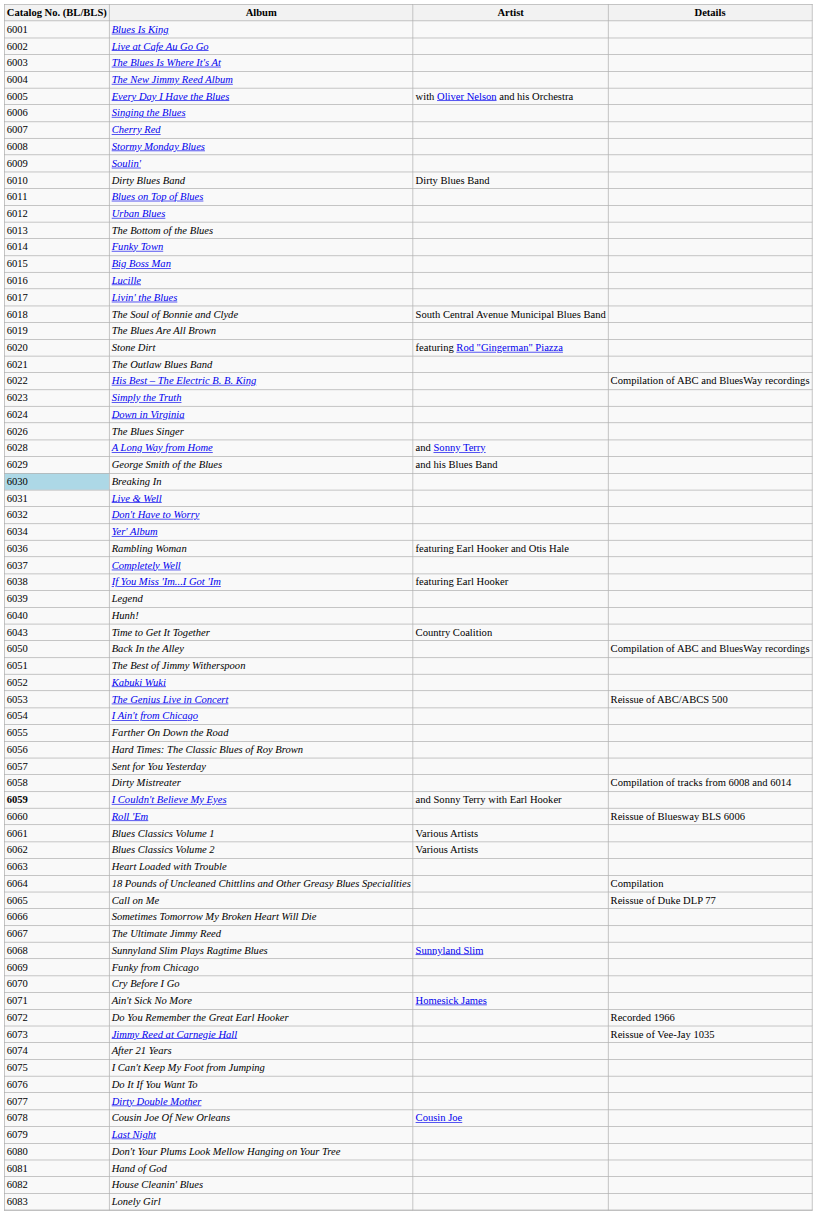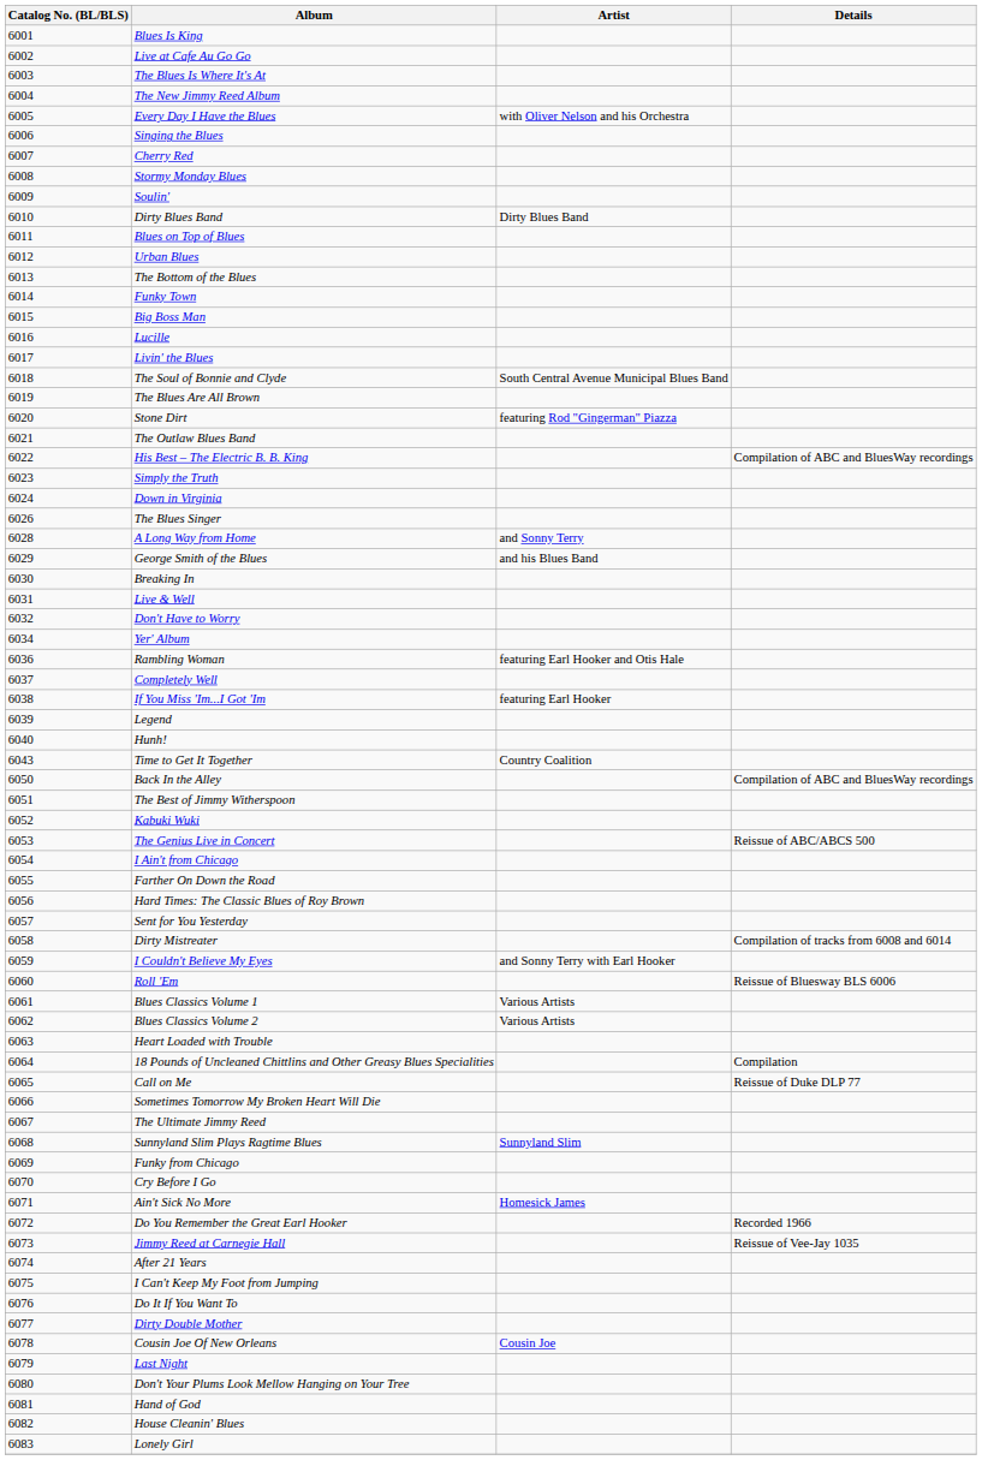 <table class="wikitable sortable">
 <tr>
 <th>Catalog No. (BL/BLS)</th>
 <th>Album</th>
 <th>Artist</th>
 <th>Details</th>
 </tr>
 <tr>
 <td>6001</td>
 <td><em><a href='#'>Blues Is King</a></em></td>
 <td></td>
 <td></td>
 </tr>
 <tr>
 <td>6002</td>
 <td><em><a href='#'>Live at Cafe Au Go Go</a></em></td>
 <td></td>
 <td></td>
 </tr>
 <tr>
 <td>6003</td>
 <td><em><a href='#'>The Blues Is Where It's At</a></em></td>
 <td></td>
 <td></td>
 </tr>
 <tr>
 <td>6004</td>
 <td><em><a href='#'>The New Jimmy Reed Album</a></em></td>
 <td></td>
 <td></td>
 </tr>
 <tr>
 <td>6005</td>
 <td><em><a href='#'>Every Day I Have the Blues</a></em></td>
 <td> with <a href='#'>Oliver Nelson</a> and his Orchestra</td>
 <td></td>
 </tr>
 <tr>
 <td>6006</td>
 <td><em><a href='#'>Singing the Blues</a></em></td>
 <td></td>
 <td></td>
 </tr>
 <tr>
 <td>6007</td>
 <td><em><a href='#'>Cherry Red</a></em></td>
 <td></td>
 <td></td>
 </tr>
 <tr>
 <td>6008</td>
 <td><em><a href='#'>Stormy Monday Blues</a></em></td>
 <td></td>
 <td></td>
 </tr>
 <tr>
 <td>6009</td>
 <td><em><a href='#'>Soulin'</a></em></td>
 <td></td>
 <td></td>
 </tr>
 <tr>
 <td>6010</td>
 <td><em>Dirty Blues Band</em></td>
 <td>Dirty Blues Band</td>
 <td></td>
 </tr>
 <tr>
 <td>6011</td>
 <td><em><a href='#'>Blues on Top of Blues</a></em></td>
 <td></td>
 <td></td>
 </tr>
 <tr>
 <td>6012</td>
 <td><em><a href='#'>Urban Blues</a></em></td>
 <td></td>
 <td></td>
 </tr>
 <tr>
 <td>6013</td>
 <td><em>The Bottom of the Blues</em></td>
 <td></td>
 <td></td>
 </tr>
 <tr>
 <td>6014</td>
 <td><em><a href='#'>Funky Town</a></em></td>
 <td></td>
 <td></td>
 </tr>
 <tr>
 <td>6015</td>
 <td><em><a href='#'>Big Boss Man</a></em></td>
 <td></td>
 <td></td>
 </tr>
 <tr>
 <td>6016</td>
 <td><em><a href='#'>Lucille</a></em></td>
 <td></td>
 <td></td>
 </tr>
 <tr>
 <td>6017</td>
 <td><em><a href='#'>Livin' the Blues</a></em></td>
 <td></td>
 <td></td>
 </tr>
 <tr>
 <td>6018</td>
 <td><em>The Soul of Bonnie and Clyde</em></td>
 <td>South Central Avenue Municipal Blues Band</td>
 <td></td>
 </tr>
 <tr>
 <td>6019</td>
 <td><em>The Blues Are All Brown</em></td>
 <td></td>
 <td></td>
 </tr>
 <tr>
 <td>6020</td>
 <td><em>Stone Dirt</em></td>
 <td> featuring <a href='#'>Rod "Gingerman" Piazza</a></td>
 <td></td>
 </tr>
 <tr>
 <td>6021</td>
 <td><em>The Outlaw Blues Band</em></td>
 <td></td>
 <td></td>
 </tr>
 <tr>
 <td>6022</td>
 <td><em><a href='#'>His Best – The Electric B. B. King</a></em></td>
 <td></td>
 <td>Compilation of ABC and BluesWay recordings</td>
 </tr>
 <tr>
 <td>6023</td>
 <td><em><a href='#'>Simply the Truth</a></em></td>
 <td></td>
 <td></td>
 </tr>
 <tr>
 <td>6024</td>
 <td><em><a href='#'>Down in Virginia</a></em></td>
 <td></td>
 <td></td>
 </tr>
 <tr>
 <td>6026</td>
 <td><em>The Blues Singer</em></td>
 <td></td>
 <td></td>
 </tr>
 <tr>
 <td>6028</td>
 <td><em><a href='#'>A Long Way from Home</a></em></td>
 <td> and <a href='#'>Sonny Terry</a></td>
 <td></td>
 </tr>
 <tr>
 <td>6029</td>
 <td><em>George Smith of the Blues</em></td>
 <td> and his Blues Band</td>
 <td></td>
 </tr>
 <tr>
-<td style="background: lightblue;">6030</td>
+<td>6030</td>
 <td><em>Breaking In</em></td>
 <td></td>
 <td></td>
 </tr>
 <tr>
 <td>6031</td>
 <td><em><a href='#'>Live & Well</a></em></td>
 <td></td>
 <td></td>
 </tr>
 <tr>
 <td>6032</td>
 <td><em><a href='#'>Don't Have to Worry</a></em></td>
 <td></td>
 <td></td>
 </tr>
 <tr>
 <td>6034</td>
 <td><em><a href='#'>Yer' Album</a></em></td>
 <td></td>
 <td></td>
 </tr>
 <tr>
 <td>6036</td>
 <td><em>Rambling Woman</em></td>
 <td> featuring Earl Hooker and Otis Hale</td>
 <td></td>
 </tr>
 <tr>
 <td>6037</td>
 <td><em><a href='#'>Completely Well</a></em></td>
 <td></td>
 <td></td>
 </tr>
 <tr>
 <td>6038</td>
 <td><em><a href='#'>If You Miss 'Im...I Got 'Im</a></em></td>
 <td> featuring Earl Hooker</td>
 <td></td>
 </tr>
 <tr>
 <td>6039</td>
 <td><em>Legend</em></td>
 <td></td>
 <td></td>
 </tr>
 <tr>
 <td>6040</td>
 <td><em>Hunh!</em></td>
 <td></td>
 <td></td>
 </tr>
 <tr>
 <td>6043</td>
 <td><em>Time to Get It Together</em></td>
 <td>Country Coalition</td>
 <td></td>
 </tr>
 <tr>
 <td>6050</td>
 <td><em>Back In the Alley</em></td>
 <td></td>
 <td>Compilation of ABC and BluesWay recordings</td>
 </tr>
 <tr>
 <td>6051</td>
 <td><em>The Best of Jimmy Witherspoon</em></td>
 <td></td>
 <td></td>
 </tr>
 <tr>
 <td>6052</td>
 <td><em><a href='#'>Kabuki Wuki</a></em></td>
 <td></td>
 <td></td>
 </tr>
 <tr>
 <td>6053</td>
 <td><em><a href='#'>The Genius Live in Concert</a></em></td>
 <td></td>
 <td>Reissue of ABC/ABCS 500</td>
 </tr>
 <tr>
 <td>6054</td>
 <td><em><a href='#'>I Ain't from Chicago</a></em></td>
 <td></td>
 <td></td>
 </tr>
 <tr>
 <td>6055</td>
 <td><em>Farther On Down the Road</em></td>
 <td></td>
 <td></td>
 </tr>
 <tr>
 <td>6056</td>
 <td><em>Hard Times: The Classic Blues of Roy Brown</em></td>
 <td></td>
 <td></td>
 </tr>
 <tr>
 <td>6057</td>
 <td><em>Sent for You Yesterday</em></td>
 <td></td>
 <td></td>
 </tr>
 <tr>
 <td>6058</td>
 <td><em>Dirty Mistreater</em></td>
 <td></td>
 <td>Compilation of tracks from 6008 and 6014</td>
 </tr>
 <tr>
-<td><strong>6059</strong></td>
+<td>6059</td>
 <td><em><a href='#'>I Couldn't Believe My Eyes</a></em></td>
 <td> and Sonny Terry with Earl Hooker</td>
 <td></td>
 </tr>
 <tr>
 <td>6060</td>
 <td><em><a href='#'>Roll 'Em</a></em></td>
 <td></td>
 <td>Reissue of Bluesway BLS 6006</td>
 </tr>
 <tr>
 <td>6061</td>
 <td><em>Blues Classics Volume 1</em></td>
 <td>Various Artists</td>
 <td></td>
 </tr>
 <tr>
 <td>6062</td>
 <td><em>Blues Classics Volume 2</em></td>
 <td>Various Artists</td>
 <td></td>
 </tr>
 <tr>
 <td>6063</td>
 <td><em>Heart Loaded with Trouble</em></td>
 <td></td>
 <td></td>
 </tr>
 <tr>
 <td>6064</td>
 <td><em>18 Pounds of Uncleaned Chittlins and Other Greasy Blues Specialities</em></td>
 <td></td>
 <td>Compilation</td>
 </tr>
 <tr>
 <td>6065</td>
 <td><em>Call on Me</em></td>
 <td></td>
 <td>Reissue of Duke DLP 77</td>
 </tr>
 <tr>
 <td>6066</td>
 <td><em>Sometimes Tomorrow My Broken Heart Will Die</em></td>
 <td></td>
 <td></td>
 </tr>
 <tr>
 <td>6067</td>
 <td><em>The Ultimate Jimmy Reed</em></td>
 <td></td>
 <td></td>
 </tr>
 <tr>
 <td>6068</td>
 <td><em>Sunnyland Slim Plays Ragtime Blues</em></td>
 <td><a href='#'>Sunnyland Slim</a></td>
 <td></td>
 </tr>
 <tr>
 <td>6069</td>
 <td><em>Funky from Chicago</em></td>
 <td></td>
 <td></td>
 </tr>
 <tr>
 <td>6070</td>
 <td><em>Cry Before I Go</em></td>
 <td></td>
 <td></td>
 </tr>
 <tr>
 <td>6071</td>
 <td><em>Ain't Sick No More</em></td>
 <td><a href='#'>Homesick James</a></td>
 <td></td>
 </tr>
 <tr>
 <td>6072</td>
 <td><em>Do You Remember the Great Earl Hooker</em></td>
 <td></td>
 <td>Recorded 1966</td>
 </tr>
 <tr>
 <td>6073</td>
 <td><em><a href='#'>Jimmy Reed at Carnegie Hall</a></em></td>
 <td></td>
 <td>Reissue of Vee-Jay 1035</td>
 </tr>
 <tr>
 <td>6074</td>
 <td><em>After 21 Years</em></td>
 <td></td>
 <td></td>
 </tr>
 <tr>
 <td>6075</td>
 <td><em>I Can't Keep My Foot from Jumping</em></td>
 <td></td>
 <td></td>
 </tr>
 <tr>
 <td>6076</td>
 <td><em>Do It If You Want To</em></td>
 <td></td>
 <td></td>
 </tr>
 <tr>
 <td>6077</td>
 <td><em><a href='#'>Dirty Double Mother</a></em></td>
 <td></td>
 <td></td>
 </tr>
 <tr>
 <td>6078</td>
 <td><em>Cousin Joe Of New Orleans</em></td>
 <td><a href='#'>Cousin Joe</a></td>
 <td></td>
 </tr>
 <tr>
 <td>6079</td>
 <td><em><a href='#'>Last Night</a></em></td>
 <td></td>
 <td></td>
 </tr>
 <tr>
 <td>6080</td>
 <td><em>Don't Your Plums Look Mellow Hanging on Your Tree</em></td>
 <td></td>
 <td></td>
 </tr>
 <tr>
 <td>6081</td>
 <td><em>Hand of God</em></td>
 <td></td>
 <td></td>
 </tr>
 <tr>
 <td>6082</td>
 <td><em>House Cleanin' Blues</em></td>
 <td></td>
 <td></td>
 </tr>
 <tr>
 <td>6083</td>
 <td><em>Lonely Girl</em></td>
 <td></td>
 <td></td>
 </tr>
 <tr>
 </tr>
 </table>
